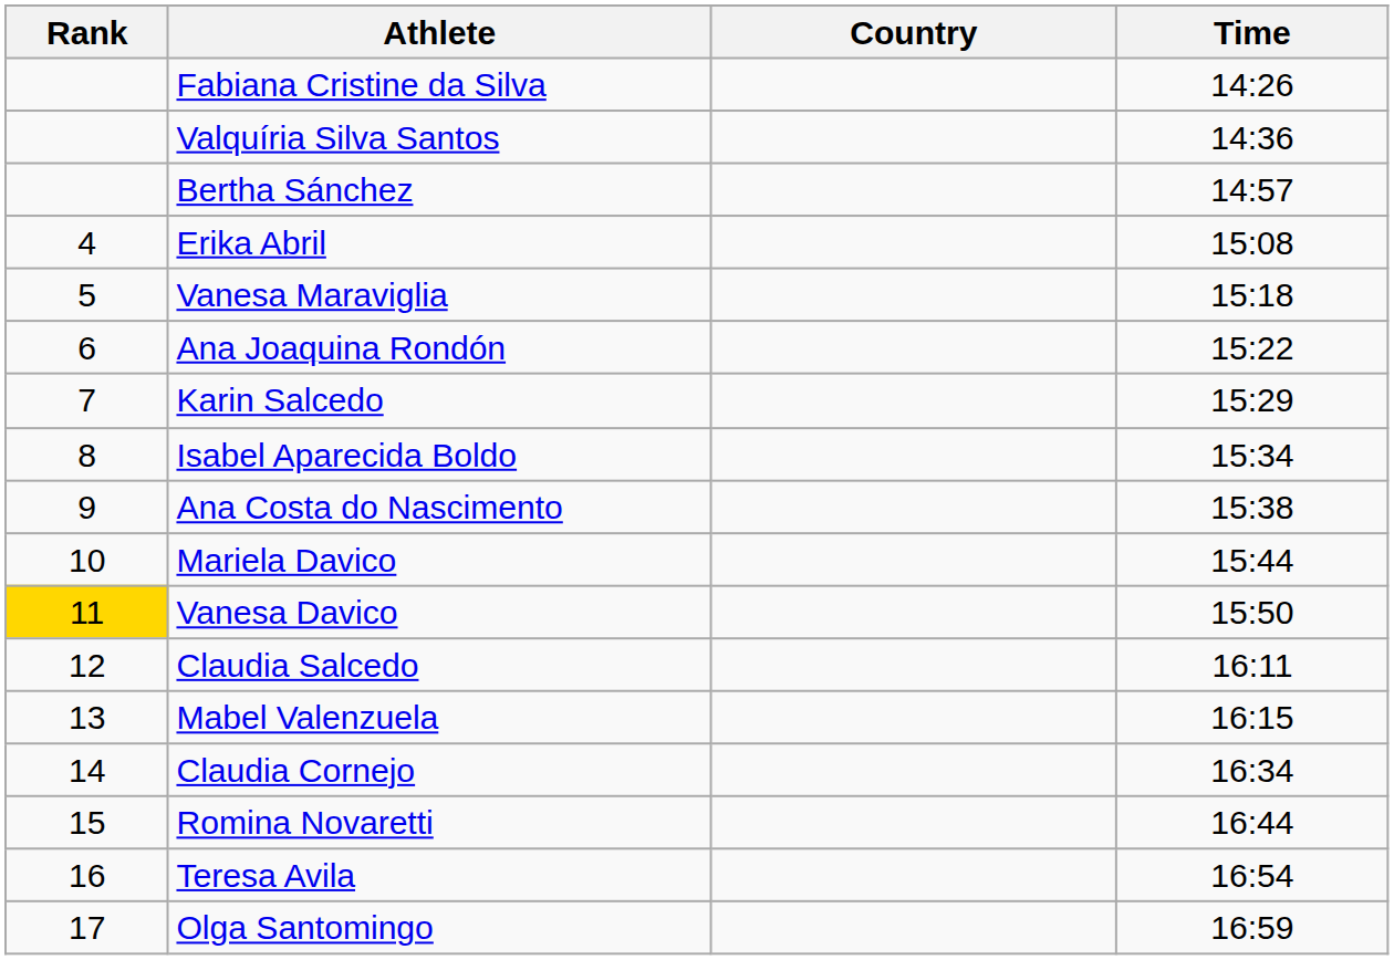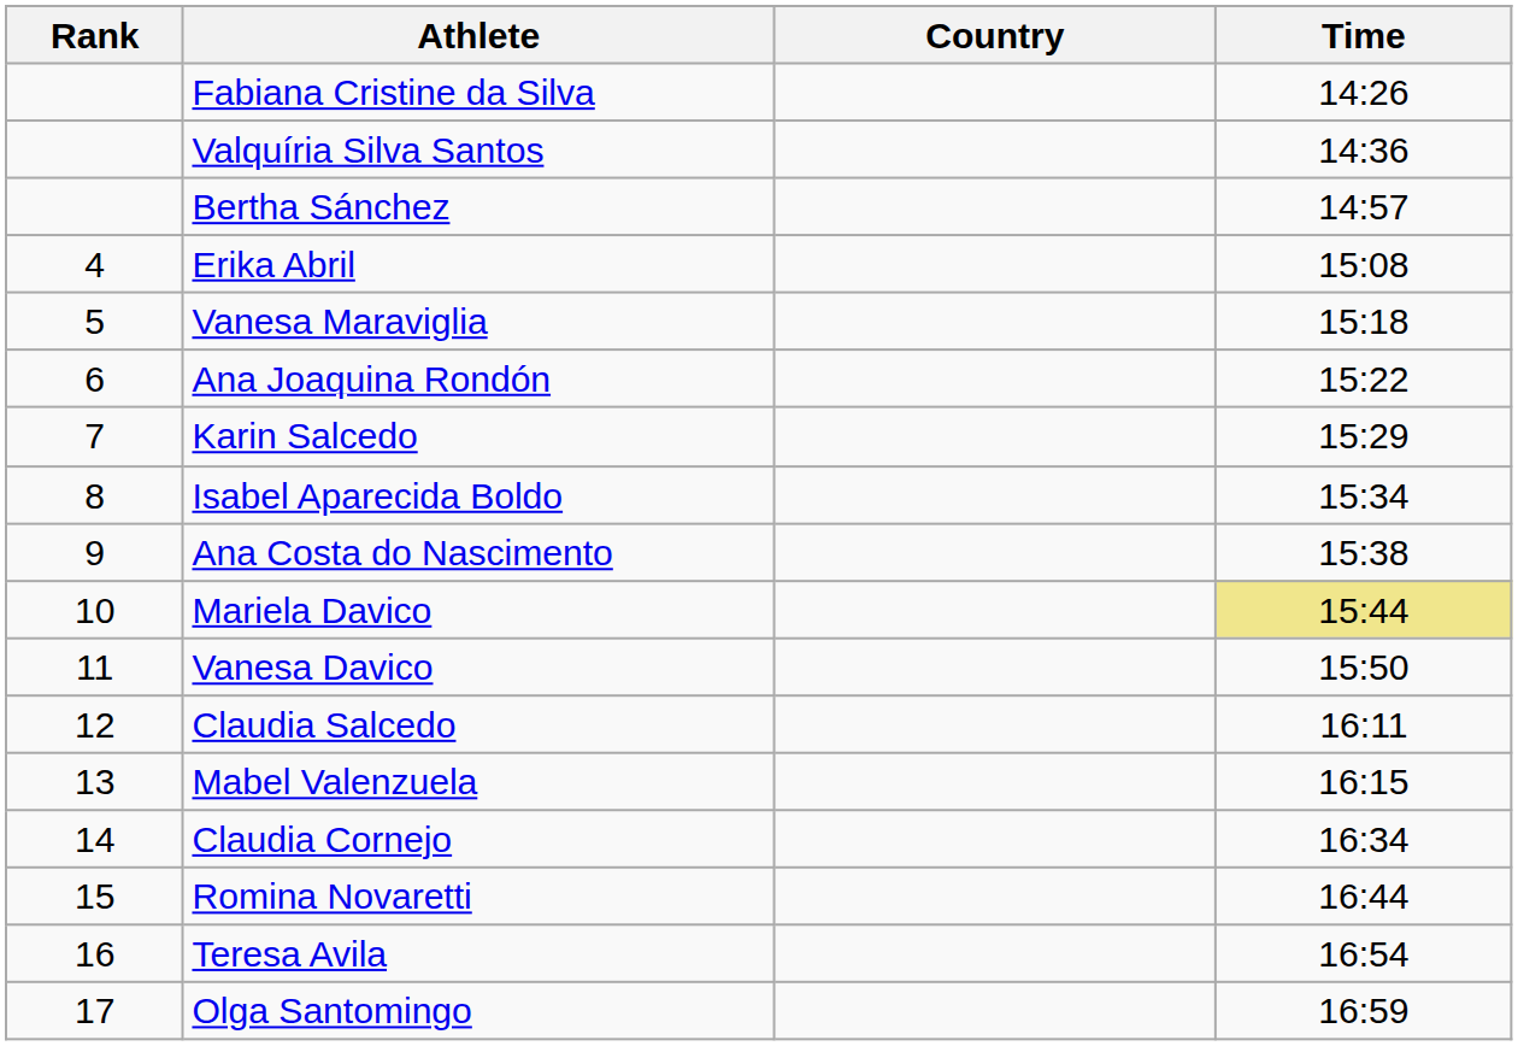 <table class="wikitable sortable" style=" text-align:center; font-size:95%;" width="50%">
 <tr>
 </tr>
 <tr>
 <th width=5%>Rank</th>
 <th width=20%>Athlete</th>
 <th width=15%>Country</th>
 <th width=10%>Time</th>
 </tr>
 <tr>
 <td align=center></td>
 <td align=left><a href='#'>Fabiana Cristine da Silva</a></td>
 <td align=left></td>
 <td>14:26</td>
 </tr>
 <tr>
 <td align=center></td>
 <td align=left><a href='#'>Valquíria Silva Santos</a></td>
 <td align=left></td>
 <td>14:36</td>
 </tr>
 <tr>
 <td align=center></td>
 <td align=left><a href='#'>Bertha Sánchez</a></td>
 <td align=left></td>
 <td>14:57</td>
 </tr>
 <tr>
 <td align=center>4</td>
 <td align=left><a href='#'>Erika Abril</a></td>
 <td align=left></td>
 <td>15:08</td>
 </tr>
 <tr>
 <td align=center>5</td>
 <td align=left><a href='#'>Vanesa Maraviglia</a></td>
 <td align=left></td>
 <td>15:18</td>
 </tr>
 <tr>
 <td align=center>6</td>
 <td align=left><a href='#'>Ana Joaquina Rondón</a></td>
 <td align=left></td>
 <td>15:22</td>
 </tr>
 <tr>
 <td align=center>7</td>
 <td align=left><a href='#'>Karin Salcedo</a></td>
 <td align=left></td>
 <td>15:29</td>
 </tr>
 <tr>
 <td align=center>8</td>
 <td align=left><a href='#'>Isabel Aparecida Boldo</a></td>
 <td align=left></td>
 <td>15:34</td>
 </tr>
 <tr>
 <td align=center>9</td>
 <td align=left><a href='#'>Ana Costa do Nascimento</a></td>
 <td align=left></td>
 <td>15:38</td>
 </tr>
 <tr>
 <td align=center>10</td>
 <td align=left><a href='#'>Mariela Davico</a></td>
 <td align=left></td>
-<td>15:44</td>
+<td style="background: khaki;">15:44</td>
 </tr>
 <tr>
-<td align=center style="background: gold;">11</td>
+<td align=center>11</td>
 <td align=left><a href='#'>Vanesa Davico</a></td>
 <td align=left></td>
 <td>15:50</td>
 </tr>
 <tr>
 <td align=center>12</td>
 <td align=left><a href='#'>Claudia Salcedo</a></td>
 <td align=left></td>
 <td>16:11</td>
 </tr>
 <tr>
 <td align=center>13</td>
 <td align=left><a href='#'>Mabel Valenzuela</a></td>
 <td align=left></td>
 <td>16:15</td>
 </tr>
 <tr>
 <td align=center>14</td>
 <td align=left><a href='#'>Claudia Cornejo</a></td>
 <td align=left></td>
 <td>16:34</td>
 </tr>
 <tr>
 <td align=center>15</td>
 <td align=left><a href='#'>Romina Novaretti</a></td>
 <td align=left></td>
 <td>16:44</td>
 </tr>
 <tr>
 <td align=center>16</td>
 <td align=left><a href='#'>Teresa Avila</a></td>
 <td align=left></td>
 <td>16:54</td>
 </tr>
 <tr>
 <td align=center>17</td>
 <td align=left><a href='#'>Olga Santomingo</a></td>
 <td align=left></td>
 <td>16:59</td>
 </tr>
 </table>
